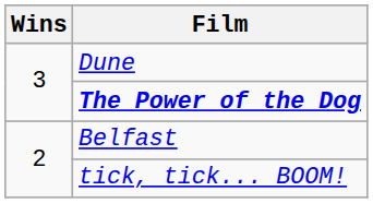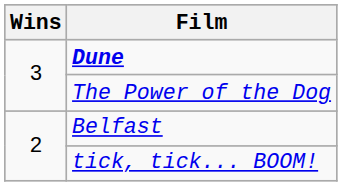 <table class="wikitable">
 <tr>
 <th>Wins</th>
 <th>Film</th>
 </tr>
 <tr>
 <td rowspan="2" style="text-align:center;">3</td>
-<td><em><a href='#'>Dune</a></em></td>
+<td><strong><em><a href='#'>Dune</a></em></strong></td>
 </tr>
 <tr>
-<td><strong><em><a href='#'>The Power of the Dog</a></em></strong></td>
+<td><em><a href='#'>The Power of the Dog</a></em></td>
 </tr>
 <tr>
 <td rowspan="2" style="text-align:center;">2</td>
 <td><em><a href='#'>Belfast</a></em></td>
 </tr>
 <tr>
 <td><em><a href='#'>tick, tick... BOOM!</a></em></td>
 </tr>
 </table>
